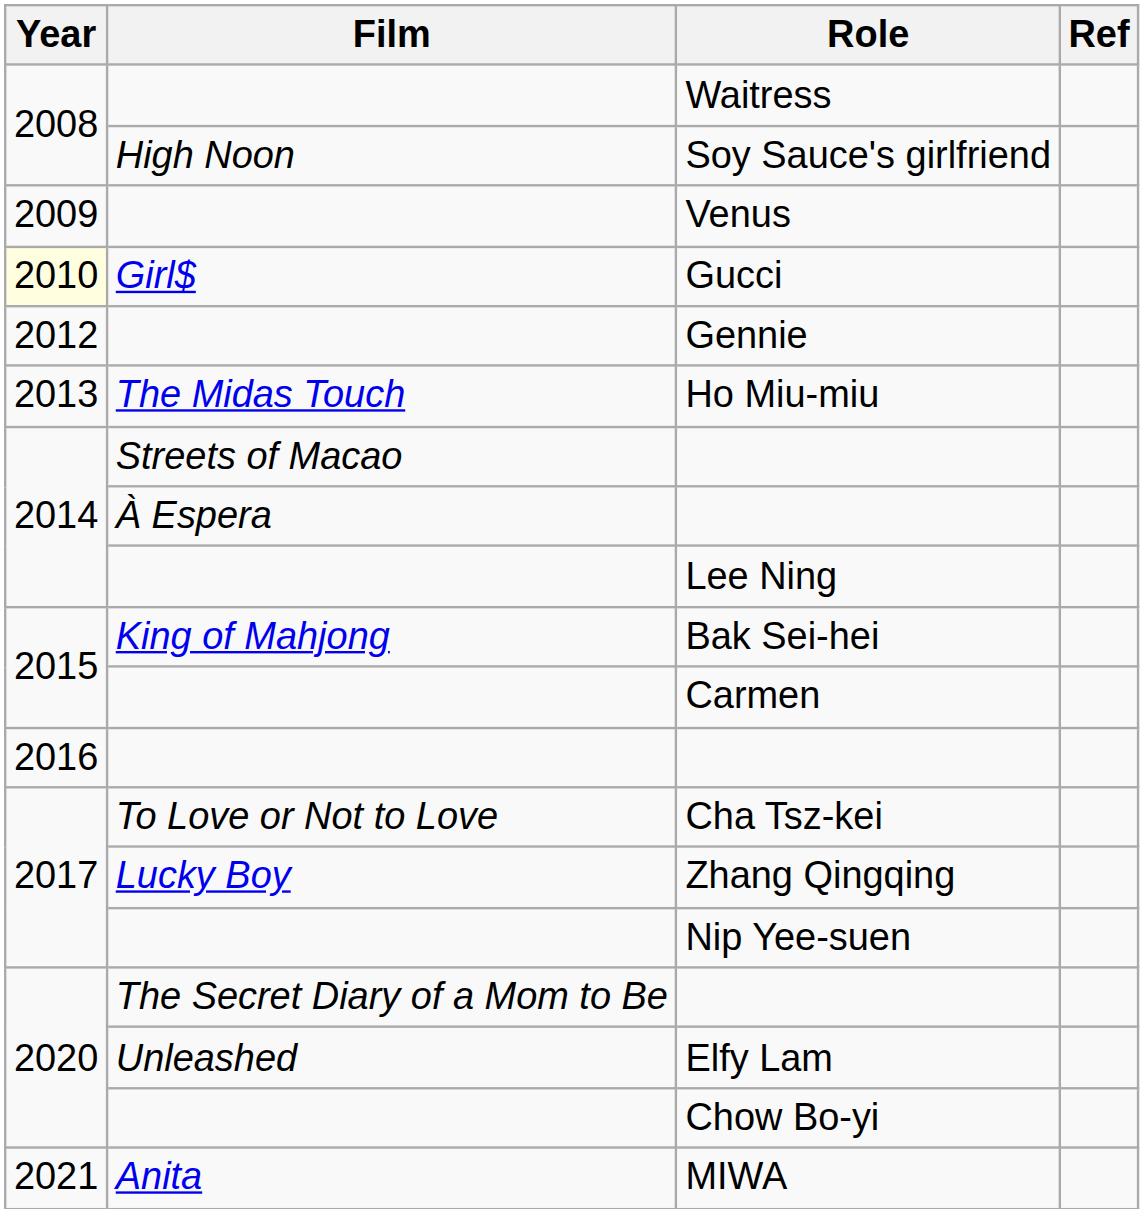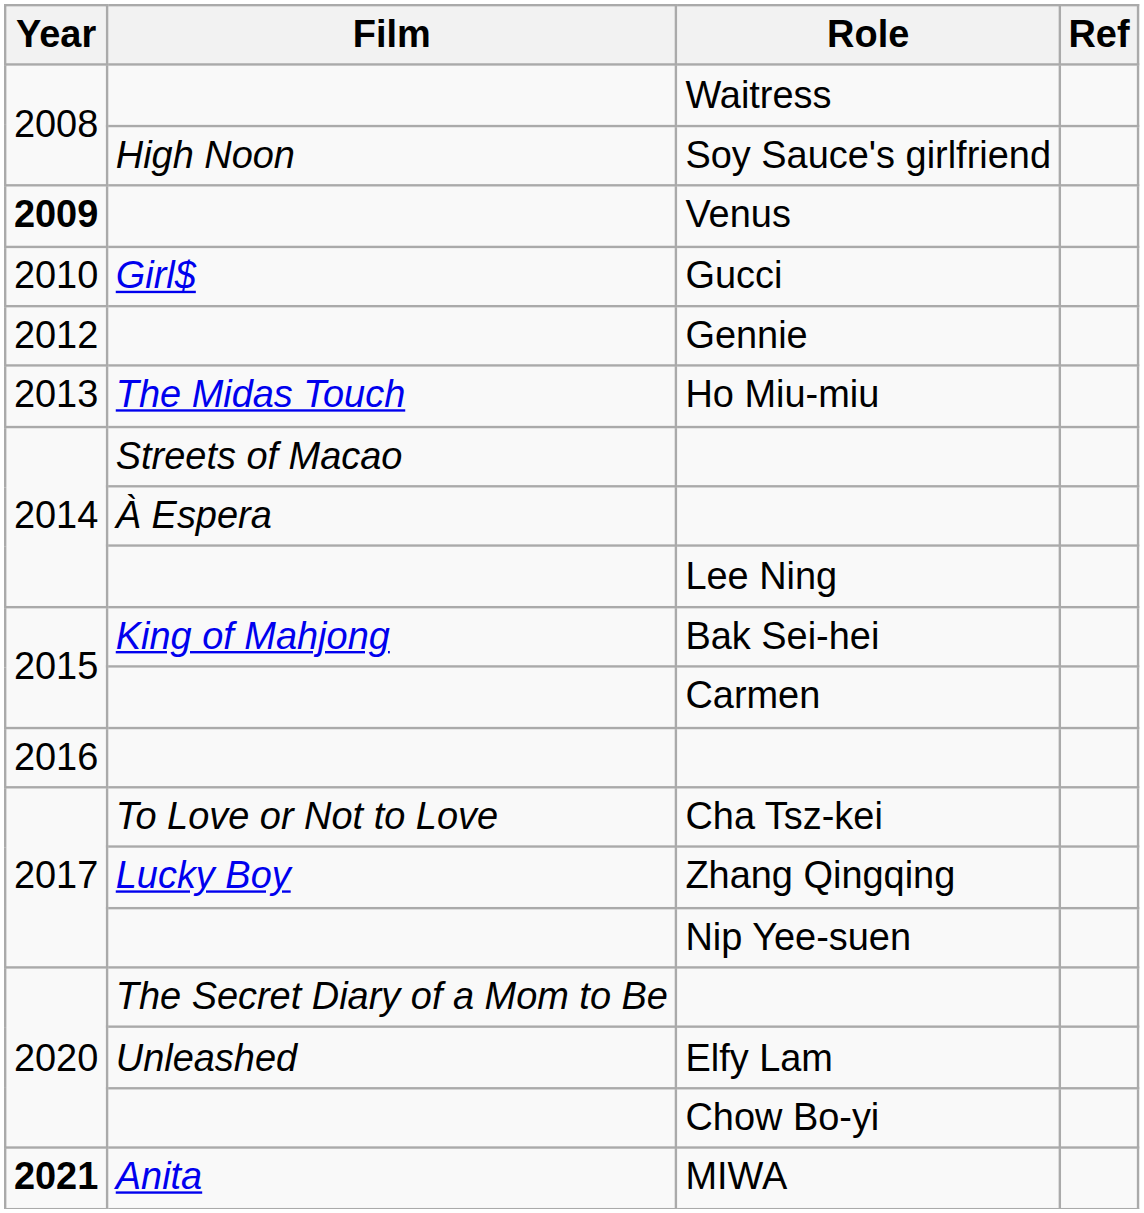 <table class="wikitable">
 <tr>
 <th>Year</th>
 <th>Film</th>
 <th>Role</th>
 <th>Ref</th>
 </tr>
 <tr>
 <td rowspan=2>2008</td>
 <td><em></em></td>
 <td>Waitress</td>
 <td></td>
 </tr>
 <tr>
 <td><em>High Noon</em></td>
 <td>Soy Sauce's girlfriend</td>
 <td></td>
 </tr>
 <tr>
-<td>2009</td>
+<td><strong>2009</strong></td>
 <td><em></em></td>
 <td>Venus</td>
 <td></td>
 </tr>
 <tr>
-<td style="background: lightyellow;">2010</td>
+<td>2010</td>
 <td><em><a href='#'>Girl$</a></em></td>
 <td>Gucci</td>
 <td></td>
 </tr>
 <tr>
 <td>2012</td>
 <td><em></em></td>
 <td>Gennie</td>
 <td></td>
 </tr>
 <tr>
 <td>2013</td>
 <td><em><a href='#'>The Midas Touch</a></em></td>
 <td>Ho Miu-miu</td>
 <td></td>
 </tr>
 <tr>
 <td rowspan=3>2014</td>
 <td><em>Streets of Macao</em></td>
 <td></td>
 <td></td>
 </tr>
 <tr>
 <td><em>À Espera</em></td>
 <td></td>
 <td></td>
 </tr>
 <tr>
 <td><em></em></td>
 <td>Lee Ning</td>
 <td></td>
 </tr>
 <tr>
 <td rowspan=2>2015</td>
 <td><em><a href='#'>King of Mahjong</a></em></td>
 <td>Bak Sei-hei</td>
 <td></td>
 </tr>
 <tr>
 <td><em></em></td>
 <td>Carmen</td>
 <td></td>
 </tr>
 <tr>
 <td>2016</td>
 <td><em></em></td>
 <td></td>
 <td></td>
 </tr>
 <tr>
 <td rowspan=3>2017</td>
 <td><em>To Love or Not to Love</em></td>
 <td>Cha Tsz-kei</td>
 <td></td>
 </tr>
 <tr>
 <td><em><a href='#'>Lucky Boy</a></em></td>
 <td>Zhang Qingqing</td>
 <td></td>
 </tr>
 <tr>
 <td><em></em></td>
 <td>Nip Yee-suen</td>
 <td></td>
 </tr>
 <tr>
 <td rowspan=3>2020</td>
 <td><em>The Secret Diary of a Mom to Be</em></td>
 <td></td>
 <td></td>
 </tr>
 <tr>
 <td><em>Unleashed</em></td>
 <td>Elfy Lam</td>
 <td></td>
 </tr>
 <tr>
 <td><em></em></td>
 <td>Chow Bo-yi</td>
 <td></td>
 </tr>
 <tr>
-<td>2021</td>
+<td><strong>2021</strong></td>
 <td><em><a href='#'>Anita</a></em></td>
 <td>MIWA</td>
 <td></td>
 </tr>
 </table>
